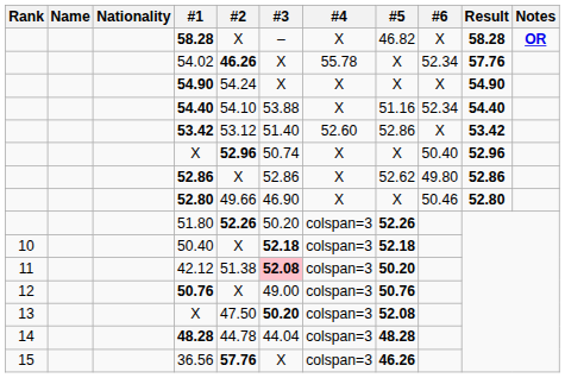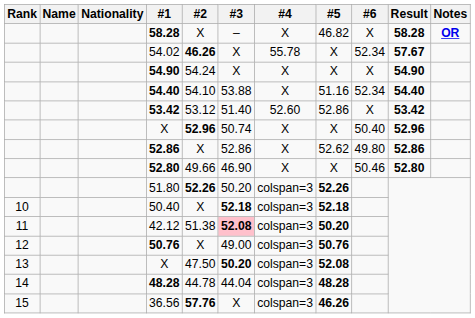 <table class="wikitable sortable" style="text-align:center">
 <tr>
 <th>Rank</th>
 <th>Name</th>
 <th>Nationality</th>
 <th>#1</th>
 <th>#2</th>
 <th>#3</th>
 <th>#4</th>
 <th>#5</th>
 <th>#6</th>
 <th>Result</th>
 <th class="unsortable">Notes</th>
 </tr>
 <tr>
 <td></td>
 <td align=left></td>
 <td align=left></td>
 <td><strong>58.28</strong></td>
 <td>X</td>
 <td>–</td>
 <td>X</td>
 <td>46.82</td>
 <td>X</td>
 <td><strong>58.28</strong></td>
 <td><strong><a href='#'>OR</a></strong></td>
 </tr>
 <tr>
 <td></td>
 <td align=left></td>
 <td align=left></td>
 <td>54.02</td>
 <td><strong>46.26</strong></td>
 <td>X</td>
 <td>55.78</td>
 <td>X</td>
 <td>52.34</td>
-<td><strong>57.76</strong></td>
+<td><strong>57.67</strong></td>
 <td></td>
 </tr>
 <tr>
 <td></td>
 <td align=left></td>
 <td align=left></td>
 <td><strong>54.90</strong></td>
 <td>54.24</td>
 <td>X</td>
 <td>X</td>
 <td>X</td>
 <td>X</td>
 <td><strong>54.90</strong></td>
 <td></td>
 </tr>
 <tr>
 <td></td>
 <td align=left></td>
 <td align=left></td>
 <td><strong>54.40</strong></td>
 <td>54.10</td>
 <td>53.88</td>
 <td>X</td>
 <td>51.16</td>
 <td>52.34</td>
 <td><strong>54.40</strong></td>
 <td></td>
 </tr>
 <tr>
 <td></td>
 <td align=left></td>
 <td align=left></td>
 <td><strong>53.42</strong></td>
 <td>53.12</td>
 <td>51.40</td>
 <td>52.60</td>
 <td>52.86</td>
 <td>X</td>
 <td><strong>53.42</strong></td>
 <td></td>
 </tr>
 <tr>
 <td></td>
 <td align=left></td>
 <td align=left></td>
 <td>X</td>
 <td><strong>52.96</strong></td>
 <td>50.74</td>
 <td>X</td>
 <td>X</td>
 <td>50.40</td>
 <td><strong>52.96</strong></td>
 <td></td>
 </tr>
 <tr>
 <td></td>
 <td align=left></td>
 <td align=left></td>
 <td><strong>52.86</strong></td>
 <td>X</td>
 <td>52.86</td>
 <td>X</td>
 <td>52.62</td>
 <td>49.80</td>
 <td><strong>52.86</strong></td>
 <td></td>
 </tr>
 <tr>
 <td></td>
 <td align=left></td>
 <td align=left></td>
 <td><strong>52.80</strong></td>
 <td>49.66</td>
 <td>46.90</td>
 <td>X</td>
 <td>X</td>
 <td>50.46</td>
 <td><strong>52.80</strong></td>
 <td></td>
 </tr>
 <tr>
 <td></td>
 <td align=left></td>
 <td align=left></td>
 <td>51.80</td>
 <td><strong>52.26</strong></td>
 <td>50.20</td>
 <td>colspan=3 </td>
 <td><strong>52.26</strong></td>
 <td></td>
 </tr>
 <tr>
 <td>10</td>
 <td align=left></td>
 <td align=left></td>
 <td>50.40</td>
 <td>X</td>
 <td><strong>52.18</strong></td>
 <td>colspan=3 </td>
 <td><strong>52.18</strong></td>
 <td></td>
 </tr>
 <tr>
 <td>11</td>
 <td align=left></td>
 <td align=left></td>
 <td>42.12</td>
 <td>51.38</td>
 <td style="background: pink;"><strong>52.08</strong></td>
 <td>colspan=3 </td>
 <td><strong>50.20</strong></td>
 <td></td>
 </tr>
 <tr>
 <td>12</td>
 <td align=left></td>
 <td align=left></td>
 <td><strong>50.76</strong></td>
 <td>X</td>
 <td>49.00</td>
 <td>colspan=3 </td>
 <td><strong>50.76</strong></td>
 <td></td>
 </tr>
 <tr>
 <td>13</td>
 <td align=left></td>
 <td align=left></td>
 <td>X</td>
 <td>47.50</td>
 <td><strong>50.20</strong></td>
 <td>colspan=3 </td>
 <td><strong>52.08</strong></td>
 <td></td>
 </tr>
 <tr>
 <td>14</td>
 <td align=left></td>
 <td align=left></td>
 <td><strong>48.28</strong></td>
 <td>44.78</td>
 <td>44.04</td>
 <td>colspan=3 </td>
 <td><strong>48.28</strong></td>
 <td></td>
 </tr>
 <tr>
 <td>15</td>
 <td align=left></td>
 <td align=left></td>
 <td>36.56</td>
 <td><strong>57.76</strong></td>
 <td>X</td>
 <td>colspan=3 </td>
 <td><strong>46.26</strong></td>
 <td></td>
 </tr>
 </table>
